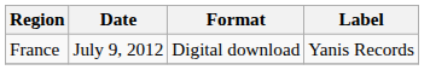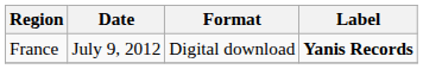 <table class=wikitable>
 <tr>
 <th>Region</th>
 <th>Date</th>
 <th>Format</th>
 <th>Label</th>
 </tr>
 <tr>
 <td>France</td>
 <td>July 9, 2012</td>
 <td>Digital download</td>
-<td>Yanis Records</td>
+<td><strong>Yanis Records</strong></td>
 </tr>
 <tr>
 </tr>
 </table>
